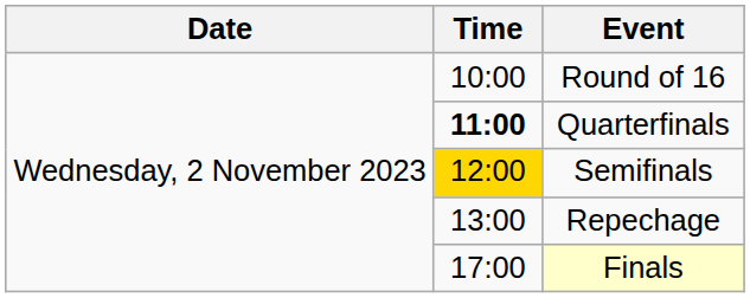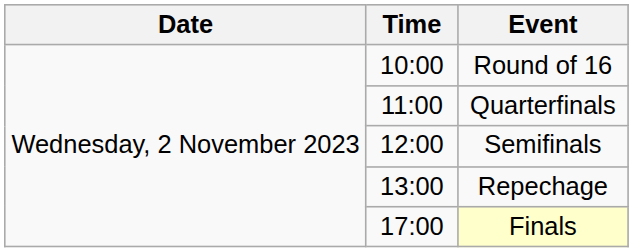 <table class = "wikitable" style="text-align:center;">
 <tr>
 <th width=220>Date</th>
 <th width=50>Time</th>
 <th width=100>Event</th>
 </tr>
 <tr>
 <td rowspan=5>Wednesday, 2 November 2023</td>
 <td>10:00</td>
 <td>Round of 16</td>
 </tr>
 <tr>
-<td><strong>11:00</strong></td>
+<td>11:00</td>
 <td>Quarterfinals</td>
 </tr>
 <tr>
-<td style="background: gold;">12:00</td>
+<td>12:00</td>
 <td>Semifinals</td>
 </tr>
 <tr>
 <td>13:00</td>
 <td>Repechage</td>
 </tr>
 <tr>
 <td>17:00</td>
 <td bgcolor=ffffcc>Finals</td>
 </tr>
 </table>
